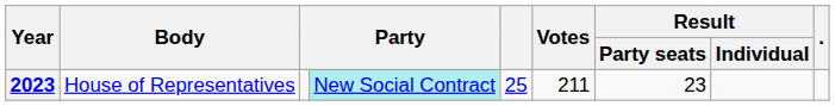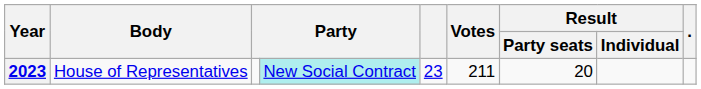 <table class="wikitable plainrowheaders sortable" border=2 cellpadding=4 cellspacing=0 style="border: 1px #aaa solid; font-size: 90%; text-align:center;">
 <tr>
 <th scope="col" rowspan=2>Year</th>
 <th scope="col" rowspan=2>Body</th>
 <th scope="col" colspan=2 rowspan=2>Party</th>
 <th scope="col" rowspan=2></th>
 <th scope="col" rowspan=2>Votes</th>
 <th scope="colgroup" colspan=2>Result</th>
 <th scope="col" rowspan=2 class="unsortable">.</th>
 </tr>
 <tr>
 <th scope="col">Party seats</th>
 <th scope="col">Individual</th>
 </tr>
 <tr>
 <th scope="row"><a href='#'>2023</a></th>
 <td><a href='#'>House of Representatives</a></td>
 <td style="background-color:"></td>
 <td style="background: paleturquoise;"><a href='#'>New Social Contract</a></td>
-<td style=text-align:right><a href='#'>25</a></td>
+<td style=text-align:right><a href='#'>23</a></td>
 <td style=text-align:right>211</td>
-<td style=text-align:right>23</td>
+<td style=text-align:right>20</td>
 <td></td>
 <td></td>
 </tr>
 </table>
